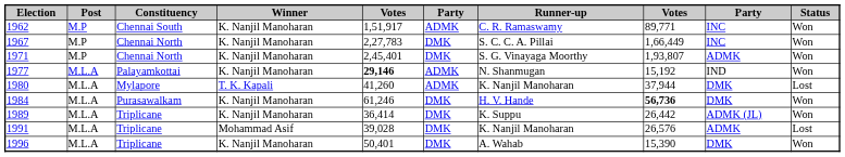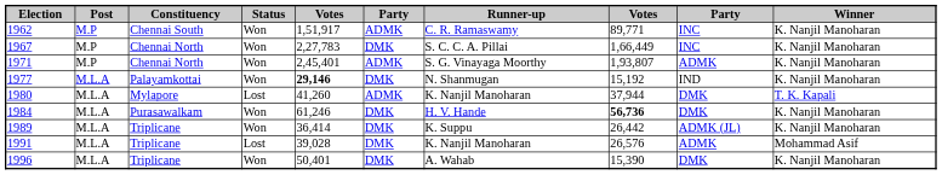 <table width="95%" cellpadding="1" cellspacing="0" border="1" style="border-collapse: collapse; border: 2px #000000 solid; font-size: x-big; font-family: verdana">
 <tr>
 <th style="background-color:#CCCCCC; color:black">Election</th>
 <th style="background-color:#CCCCCC; color:black">Post</th>
 <th style="background-color:#CCCCCC; color:black">Constituency</th>
-<th style="background-color:#CCCCCC; color:black">Winner</th>
+<th style="background-color:#CCCCCC; color:black">Status</th>
 <th style="background-color:#CCCCCC; color:black">Votes</th>
 <th style="background-color:#CCCCCC; color:black">Party</th>
 <th style="background-color:#CCCCCC; color:black">Runner-up</th>
 <th style="background-color:#CCCCCC; color:black">Votes</th>
 <th style="background-color:#CCCCCC; color:black">Party</th>
-<th style="background-color:#CCCCCC; color:black">Status</th>
+<th style="background-color:#CCCCCC; color:black">Winner</th>
 </tr>
 <tr ->
 <td><a href='#'>1962</a></td>
 <td><a href='#'>M.P</a></td>
 <td><a href='#'>Chennai South</a></td>
-<td>K. Nanjil Manoharan</td>
+<td>Won</td>
 <td>1,51,917</td>
 <td><a href='#'>ADMK</a></td>
 <td><a href='#'>C. R. Ramaswamy</a></td>
 <td>89,771</td>
 <td><a href='#'>INC</a></td>
-<td>Won</td>
+<td>K. Nanjil Manoharan</td>
 </tr>
 <tr ->
 <td><a href='#'>1967</a></td>
 <td>M.P</td>
 <td><a href='#'>Chennai North</a></td>
-<td>K. Nanjil Manoharan</td>
+<td>Won</td>
 <td>2,27,783</td>
 <td><a href='#'>DMK</a></td>
 <td>S. C. C. A. Pillai</td>
 <td>1,66,449</td>
 <td><a href='#'>INC</a></td>
-<td>Won</td>
+<td>K. Nanjil Manoharan</td>
 </tr>
 <tr ->
 <td><a href='#'>1971</a></td>
 <td>M.P</td>
 <td><a href='#'>Chennai North</a></td>
-<td>K. Nanjil Manoharan</td>
+<td>Won</td>
 <td>2,45,401</td>
-<td><a href='#'>DMK</a></td>
+<td><a href='#'>ADMK</a></td>
 <td>S. G. Vinayaga Moorthy</td>
 <td>1,93,807</td>
 <td><a href='#'>ADMK</a></td>
-<td>Won</td>
+<td>K. Nanjil Manoharan</td>
 </tr>
 <tr ->
 <td><a href='#'>1977</a></td>
 <td><a href='#'>M.L.A</a></td>
 <td><a href='#'>Palayamkottai</a></td>
-<td>K. Nanjil Manoharan</td>
+<td>Won</td>
 <td><strong>29,146</strong></td>
-<td><a href='#'>ADMK</a></td>
+<td><a href='#'>DMK</a></td>
 <td>N. Shanmugan</td>
 <td>15,192</td>
 <td>IND</td>
-<td>Won</td>
+<td>K. Nanjil Manoharan</td>
 </tr>
 <tr ->
 <td><a href='#'>1980</a></td>
 <td>M.L.A</td>
 <td><a href='#'>Mylapore</a></td>
-<td><a href='#'>T. K. Kapali</a></td>
+<td>Lost</td>
 <td>41,260</td>
 <td><a href='#'>ADMK</a></td>
 <td>K. Nanjil Manoharan</td>
 <td>37,944</td>
 <td><a href='#'>DMK</a></td>
-<td>Lost</td>
+<td><a href='#'>T. K. Kapali</a></td>
 </tr>
 <tr ->
 <td><a href='#'>1984</a></td>
 <td>M.L.A</td>
 <td><a href='#'>Purasawalkam</a></td>
-<td>K. Nanjil Manoharan</td>
+<td>Won</td>
 <td>61,246</td>
 <td><a href='#'>DMK</a></td>
 <td><a href='#'>H. V. Hande</a></td>
 <td><strong>56,736</strong></td>
 <td><a href='#'>DMK</a></td>
-<td>Won</td>
+<td>K. Nanjil Manoharan</td>
 </tr>
 <tr ->
 <td><a href='#'>1989</a></td>
 <td>M.L.A</td>
 <td><a href='#'>Triplicane</a></td>
-<td>K. Nanjil Manoharan</td>
+<td>Won</td>
 <td>36,414</td>
 <td><a href='#'>DMK</a></td>
 <td>K. Suppu</td>
 <td>26,442</td>
 <td><a href='#'>ADMK (JL)</a></td>
-<td>Won</td>
+<td>K. Nanjil Manoharan</td>
 </tr>
 <tr ->
 <td><a href='#'>1991</a></td>
 <td>M.L.A</td>
 <td><a href='#'>Triplicane</a></td>
-<td>Mohammad Asif</td>
+<td>Lost</td>
 <td>39,028</td>
 <td><a href='#'>DMK</a></td>
 <td>K. Nanjil Manoharan</td>
 <td>26,576</td>
 <td><a href='#'>ADMK</a></td>
-<td>Lost</td>
+<td>Mohammad Asif</td>
 </tr>
 <tr ->
 <td><a href='#'>1996</a></td>
 <td>M.L.A</td>
 <td><a href='#'>Triplicane</a></td>
-<td>K. Nanjil Manoharan</td>
+<td>Won</td>
 <td>50,401</td>
 <td><a href='#'>DMK</a></td>
 <td>A. Wahab</td>
 <td>15,390</td>
 <td><a href='#'>DMK</a></td>
-<td>Won</td>
+<td>K. Nanjil Manoharan</td>
 </tr>
 </table>
